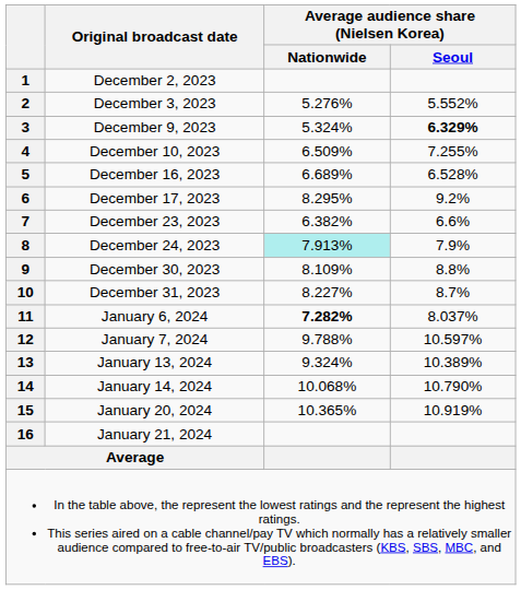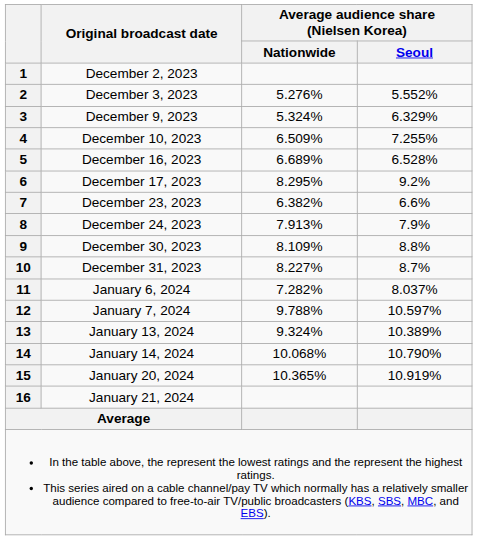 <table class="wikitable" style="margin-left:auto; margin-right:auto; width:550px; text-align:center">
 <tr>
 <th scope="col" rowspan="2"></th>
 <th scope="col" rowspan="2">Original broadcast date</th>
 <th scope="col" colspan="2">Average audience share<br>(Nielsen Korea)</th>
 </tr>
 <tr>
 <th scope="col" style="width:8em">Nationwide</th>
 <th scope="col" style="width:8em"><a href='#'>Seoul</a></th>
 </tr>
 <tr>
 <th scope="row">1</th>
 <td>December 2, 2023</td>
 <td><strong></strong> </td>
 <td><strong></strong> </td>
 </tr>
 <tr>
 <th scope="row">2</th>
 <td>December 3, 2023</td>
 <td>5.276% </td>
 <td>5.552% </td>
 </tr>
 <tr>
 <th scope="row">3</th>
 <td>December 9, 2023</td>
 <td>5.324% </td>
-<td><strong>6.329% </strong></td>
+<td>6.329% </td>
 </tr>
 <tr>
 <th scope="row">4</th>
 <td>December 10, 2023</td>
 <td>6.509% </td>
 <td>7.255% </td>
 </tr>
 <tr>
 <th scope="row">5</th>
 <td>December 16, 2023</td>
 <td>6.689% </td>
 <td>6.528% </td>
 </tr>
 <tr>
 <th scope="row">6</th>
 <td>December 17, 2023</td>
 <td>8.295% </td>
 <td>9.2%</td>
 </tr>
 <tr>
 <th scope="row">7</th>
 <td>December 23, 2023</td>
 <td>6.382% </td>
 <td>6.6%</td>
 </tr>
 <tr>
 <th scope="row">8</th>
 <td>December 24, 2023</td>
-<td style="background: paleturquoise;">7.913% </td>
+<td>7.913% </td>
 <td>7.9%</td>
 </tr>
 <tr>
 <th scope="row">9</th>
 <td>December 30, 2023</td>
 <td>8.109% </td>
 <td>8.8%</td>
 </tr>
 <tr>
 <th scope="row">10</th>
 <td>December 31, 2023</td>
 <td>8.227% </td>
 <td>8.7%</td>
 </tr>
 <tr>
 <th scope="row">11</th>
 <td>January 6, 2024</td>
-<td><strong>7.282% </strong></td>
+<td>7.282% </td>
 <td>8.037% </td>
 </tr>
 <tr>
 <th scope="row">12</th>
 <td>January 7, 2024</td>
 <td>9.788% </td>
 <td>10.597% </td>
 </tr>
 <tr>
 <th scope="row">13</th>
 <td>January 13, 2024</td>
 <td>9.324% </td>
 <td>10.389% </td>
 </tr>
 <tr>
 <th scope="row">14</th>
 <td>January 14, 2024</td>
 <td>10.068% </td>
 <td>10.790% </td>
 </tr>
 <tr>
 <th scope="row">15</th>
 <td>January 20, 2024</td>
 <td>10.365% </td>
 <td>10.919% </td>
 </tr>
 <tr>
 <th scope="row">16</th>
 <td>January 21, 2024</td>
 <td><strong></strong> </td>
 <td><strong></strong> </td>
 </tr>
 <tr>
 <th scope="col" colspan="2">Average</th>
 <th scope="col"></th>
 <th scope="col"></th>
 </tr>
 <tr>
 <td colspan="4" style="font-size:85%"><br><ul><li>In the table above, the <strong></strong> represent the lowest ratings and the <strong></strong> represent the highest ratings.</li><li>This series aired on a cable channel/pay TV which normally has a relatively smaller audience compared to free-to-air TV/public broadcasters (<a href='#'>KBS</a>, <a href='#'>SBS</a>, <a href='#'>MBC</a>, and <a href='#'>EBS</a>).</li></ul></td>
 </tr>
 </table>
